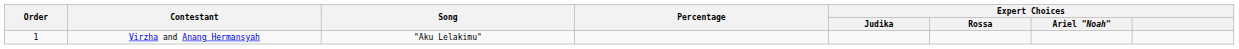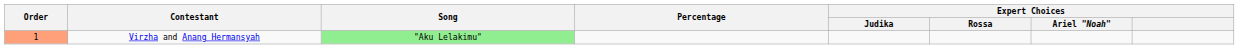 <table class="wikitable" style="text-align:center; width:100%;">
 <tr>
 <th scope="col" rowspan="2" style="width:05%;">Order</th>
 <th scope="col" rowspan="2" style="width:20%;">Contestant</th>
 <th scope="col" rowspan="2" style="width:20%;">Song</th>
 <th scope="col" rowspan="2" style="width:20%;">Percentage</th>
 <th scope="col" colspan="4" style="width:32%;">Expert Choices</th>
 </tr>
 <tr>
 <th style="width:08%;">Judika</th>
 <th style="width:08%;">Rossa</th>
 <th style="width:08%;">Ariel "<em>Noah</em>"</th>
 <th style="width:08%;"></th>
 </tr>
 <tr>
-<td>1</td>
+<td style="background: lightsalmon;">1</td>
 <td><a href='#'>Virzha</a> and <a href='#'>Anang Hermansyah</a></td>
-<td>"Aku Lelakimu"</td>
+<td style="background: lightgreen;">"Aku Lelakimu"</td>
 <td></td>
 <td></td>
 <td></td>
 <td></td>
 <td></td>
 </tr>
 </table>
